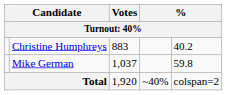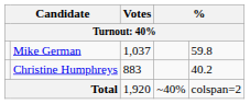 <table class="wikitable plainrowheaders">
 <tr>
 <th colspan="2">Candidate</th>
 <th>Votes</th>
 <th colspan="2">%</th>
 </tr>
 <tr style="font-size:85%">
 <th scope="row" colspan=5 style="text-align:center"><strong>Turnout:</strong>  40%</th>
 </tr>
 <tr>
 <td style="background:"></td>
+<td><a href='#'>Mike German</a> </td>
+<td>1,037 </td>
+<td></td>
+<td>59.8</td>
+</tr>
+<tr>
+<td style="background:"></td>
 <td><a href='#'>Christine Humphreys</a></td>
 <td>883</td>
 <td></td>
 <td>40.2</td>
-</tr>
-<tr>
-<td style="background:"></td>
-<td><a href='#'>Mike German</a> </td>
-<td>1,037 </td>
-<td></td>
-<td>59.8</td>
 </tr>
 <tr>
 <th style="text-align:right;" colspan="2">Total</th>
 <td>1,920</td>
 <td>~40%</td>
 <td>colspan=2 </td>
 </tr>
 </table>
